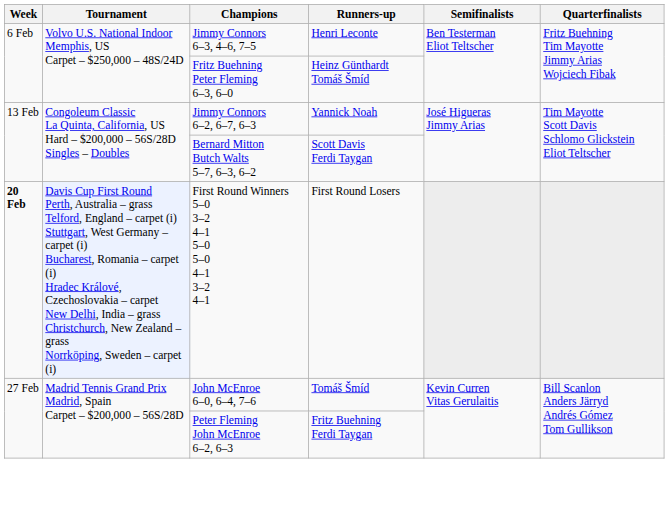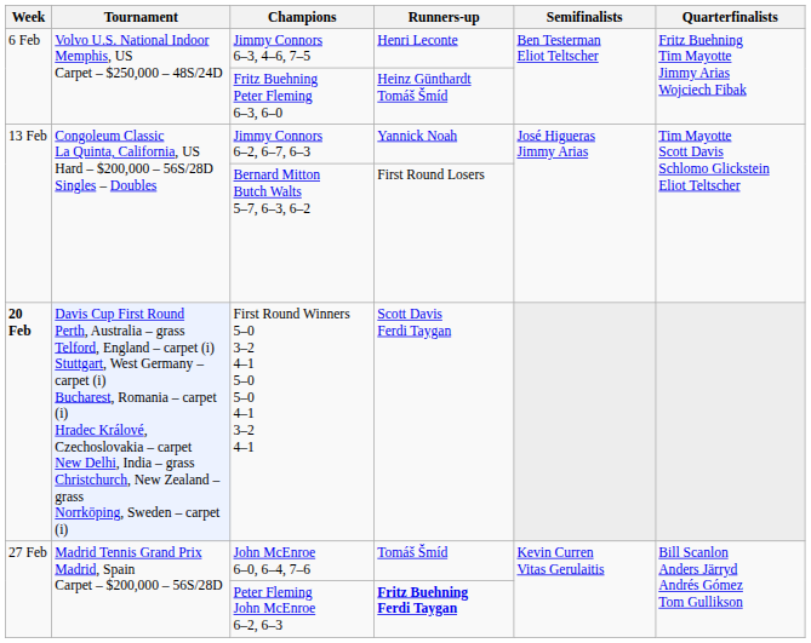 <table class=wikitable style=font-size:95%>
 <tr>
 <th style="width:48px;">Week</th>
 <th style="width:248px;">Tournament</th>
 <th style="width:200px;">Champions</th>
 <th style="width:200px;">Runners-up</th>
 <th style="width:190px;">Semifinalists</th>
 <th style="width:190px;">Quarterfinalists</th>
 </tr>
 <tr valign=top>
 <td rowspan=2>6 Feb</td>
 <td rowspan="2"><a href='#'>Volvo U.S. National Indoor</a> <br> <a href='#'>Memphis</a>, US <br> Carpet – $250,000 – 48S/24D</td>
 <td> <a href='#'>Jimmy Connors</a><br>6–3, 4–6, 7–5</td>
 <td> <a href='#'>Henri Leconte</a></td>
 <td rowspan=2> <a href='#'>Ben Testerman</a><br> <a href='#'>Eliot Teltscher</a></td>
 <td rowspan=2> <a href='#'>Fritz Buehning</a><br> <a href='#'>Tim Mayotte</a><br> <a href='#'>Jimmy Arias</a><br> <a href='#'>Wojciech Fibak</a></td>
 </tr>
 <tr valign=top>
 <td> <a href='#'>Fritz Buehning</a><br> <a href='#'>Peter Fleming</a><br>6–3, 6–0</td>
 <td> <a href='#'>Heinz Günthardt</a><br> <a href='#'>Tomáš Šmíd</a></td>
 </tr>
 <tr valign=top>
 <td rowspan=2>13 Feb</td>
 <td rowspan="2"><a href='#'>Congoleum Classic</a> <br> <a href='#'>La Quinta, California</a>, US <br> Hard – $200,000 – 56S/28D <br> <a href='#'>Singles</a> – <a href='#'>Doubles</a></td>
 <td> <a href='#'>Jimmy Connors</a><br>6–2, 6–7, 6–3</td>
 <td> <a href='#'>Yannick Noah</a></td>
 <td rowspan=2> <a href='#'>José Higueras</a><br> <a href='#'>Jimmy Arias</a></td>
 <td rowspan=2> <a href='#'>Tim Mayotte</a><br> <a href='#'>Scott Davis</a><br> <a href='#'>Schlomo Glickstein</a><br> <a href='#'>Eliot Teltscher</a></td>
 </tr>
 <tr valign=top>
 <td> <a href='#'>Bernard Mitton</a><br> <a href='#'>Butch Walts</a> <br> 5–7, 6–3, 6–2</td>
-<td> <a href='#'>Scott Davis</a><br> <a href='#'>Ferdi Taygan</a></td>
+<td>First Round Losers<br><br><br><br><br><br><br><br></td>
 </tr>
 <tr valign=top>
 <td><strong>20 Feb</strong></td>
 <td style="background:#ECF2FF;"><a href='#'>Davis Cup First Round</a><br> <a href='#'>Perth</a>, Australia – grass<br> <a href='#'>Telford</a>, England – carpet (i)<br> <a href='#'>Stuttgart</a>, West Germany – carpet (i) <br> <a href='#'>Bucharest</a>, Romania – carpet (i)<br> <a href='#'>Hradec Králové</a>, Czechoslovakia – carpet<br> <a href='#'>New Delhi</a>, India – grass<br> <a href='#'>Christchurch</a>, New Zealand – grass<br> <a href='#'>Norrköping</a>, Sweden – carpet (i)</td>
 <td>First Round Winners<br> 5–0<br> 3–2<br> 4–1<br> 5–0<br> 5–0<br> 4–1<br> 3–2<br> 4–1</td>
-<td>First Round Losers<br><br><br><br><br><br><br><br></td>
+<td> <a href='#'>Scott Davis</a><br> <a href='#'>Ferdi Taygan</a></td>
 <td style="background:#ededed;"></td>
 <td style="background:#ededed;"></td>
 </tr>
 <tr valign=top>
 <td rowspan=2>27 Feb</td>
 <td rowspan="2"><a href='#'>Madrid Tennis Grand Prix</a><br> <a href='#'>Madrid</a>, Spain <br> Carpet – $200,000 – 56S/28D</td>
 <td> <a href='#'>John McEnroe</a> <br> 6–0, 6–4, 7–6</td>
 <td> <a href='#'>Tomáš Šmíd</a></td>
 <td rowspan=2> <a href='#'>Kevin Curren</a> <br>  <a href='#'>Vitas Gerulaitis</a></td>
 <td rowspan=2> <a href='#'>Bill Scanlon</a> <br>  <a href='#'>Anders Järryd</a> <br>  <a href='#'>Andrés Gómez</a> <br>  <a href='#'>Tom Gullikson</a></td>
 </tr>
 <tr valign=top>
 <td> <a href='#'>Peter Fleming</a> <br>  <a href='#'>John McEnroe</a> <br> 6–2, 6–3</td>
-<td> <a href='#'>Fritz Buehning</a><br> <a href='#'>Ferdi Taygan</a></td>
+<td><strong> <a href='#'>Fritz Buehning</a><br> <a href='#'>Ferdi Taygan</a></strong></td>
 </tr>
 </table>
